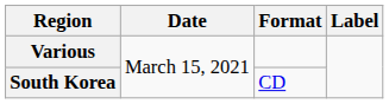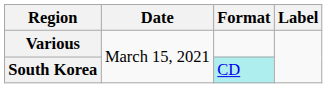 <table class="wikitable plainrowheaders">
 <tr>
 <th>Region</th>
 <th>Date</th>
 <th>Format</th>
 <th>Label</th>
 </tr>
 <tr>
 <th scope="row">Various</th>
 <td rowspan="2">March 15, 2021</td>
 <td></td>
 <td rowspan="2"></td>
 </tr>
 <tr>
 <th scope="row">South Korea</th>
-<td><a href='#'>CD</a></td>
+<td style="background: paleturquoise;"><a href='#'>CD</a></td>
 </tr>
 </table>
